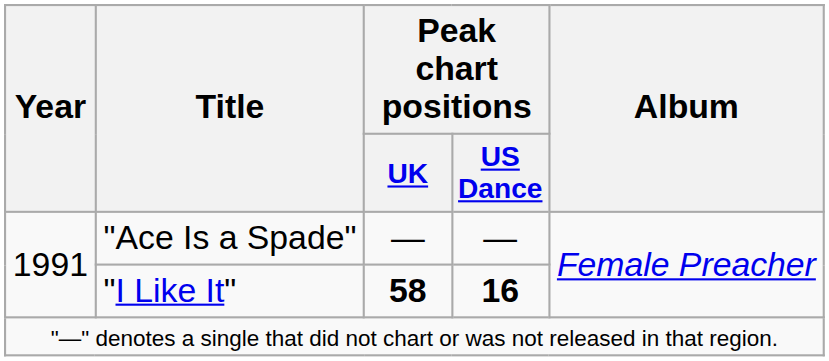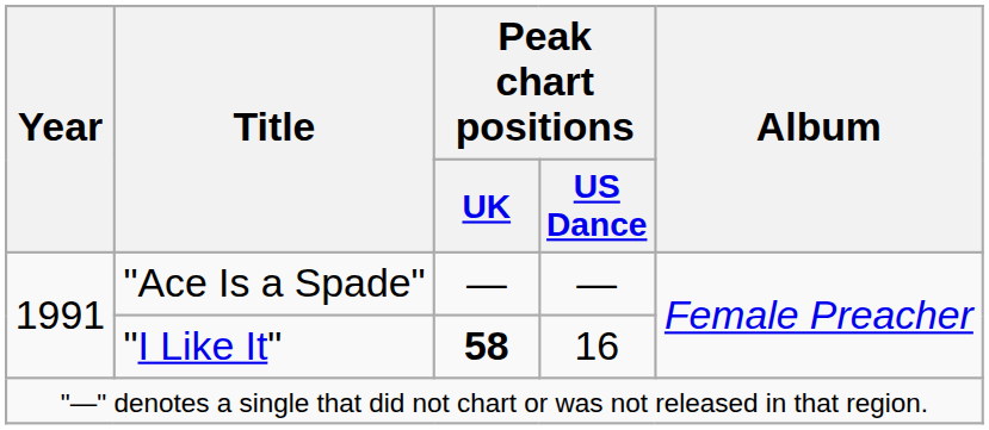 <table class="wikitable" style="text-align:center;">
 <tr>
 <th rowspan="2">Year</th>
 <th rowspan="2">Title</th>
 <th colspan="2">Peak chart positions</th>
 <th rowspan="2">Album</th>
 </tr>
 <tr style="font-size:smaller;">
 <th width="35"><a href='#'>UK</a><br></th>
 <th width="35"><a href='#'>US Dance</a></th>
 </tr>
 <tr>
 <td style="text-align:center;" rowspan="2">1991</td>
 <td align="left">"Ace Is a Spade"</td>
 <td>—</td>
 <td>—</td>
 <td rowspan="2"><em><a href='#'>Female Preacher</a></em></td>
 </tr>
 <tr>
 <td align="left">"<a href='#'>I Like It</a>"</td>
 <td><strong>58</strong></td>
-<td><strong>16</strong></td>
+<td>16</td>
 </tr>
 <tr>
 <td colspan="6" style="font-size: 8pt">"—" denotes a single that did not chart or was not released in that region.</td>
 </tr>
 </table>
